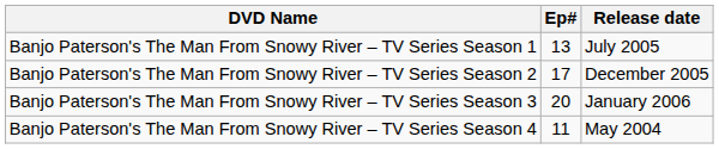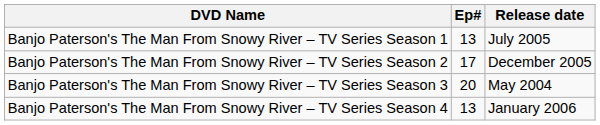 <table class="wikitable">
 <tr>
 <th>DVD Name</th>
 <th>Ep#</th>
 <th>Release date</th>
 </tr>
 <tr>
 <td>Banjo Paterson's The Man From Snowy River – TV Series Season 1</td>
 <td style="text-align:center;">13</td>
 <td>July 2005</td>
 </tr>
 <tr>
 <td>Banjo Paterson's The Man From Snowy River – TV Series Season 2</td>
 <td style="text-align:center;">17</td>
 <td>December 2005</td>
 </tr>
 <tr>
 <td>Banjo Paterson's The Man From Snowy River – TV Series Season 3</td>
 <td style="text-align:center;">20</td>
-<td>January 2006</td>
+<td>May 2004</td>
 </tr>
 <tr>
 <td>Banjo Paterson's The Man From Snowy River – TV Series Season 4</td>
-<td style="text-align:center;">11</td>
-<td>May 2004</td>
+<td style="text-align:center;">13</td>
+<td>January 2006</td>
 </tr>
 </table>
